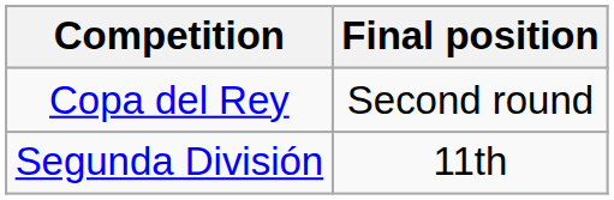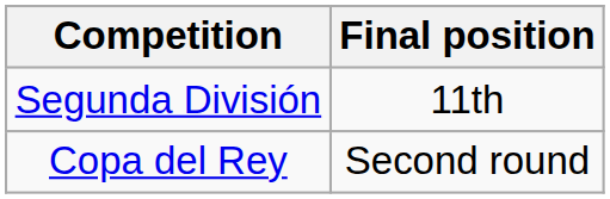 <table class="wikitable" style="font-size:100%; text-align:center">
 <tr>
 <th>Competition</th>
 <th>Final position</th>
 </tr>
 <tr style="background:">
+<td><a href='#'>Segunda División</a></td>
+<td>11th</td>
+</tr>
+<tr style="background:">
 <td><a href='#'>Copa del Rey</a></td>
 <td>Second round</td>
 </tr>
-<tr style="background:">
-<td><a href='#'>Segunda División</a></td>
-<td>11th</td>
-</tr>
 </table>
